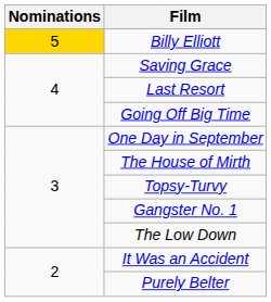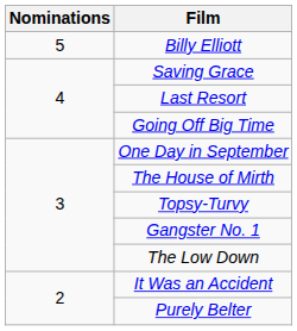 <table class="wikitable plainrowheaders" style="text-align:center;">
 <tr>
 <th scope="col" style="width:55px;">Nominations</th>
 <th scope="col" style="text-align:center;">Film</th>
 </tr>
 <tr>
-<td style="background: gold;">5</td>
+<td>5</td>
 <td><em><a href='#'>Billy Elliott</a></em></td>
 </tr>
 <tr>
 <td rowspan="3">4</td>
 <td><em><a href='#'>Saving Grace</a></em></td>
 </tr>
 <tr>
 <td><em><a href='#'>Last Resort</a></em></td>
 </tr>
 <tr>
 <td><em><a href='#'>Going Off Big Time</a></em></td>
 </tr>
 <tr>
 <td rowspan="5">3</td>
 <td><em><a href='#'>One Day in September</a></em></td>
 </tr>
 <tr>
 <td><em><a href='#'>The House of Mirth</a></em></td>
 </tr>
 <tr>
 <td><em><a href='#'>Topsy-Turvy</a></em></td>
 </tr>
 <tr>
 <td><em><a href='#'>Gangster No. 1</a></em></td>
 </tr>
 <tr>
 <td><em>The Low Down</em></td>
 </tr>
 <tr>
 <td rowspan="2">2</td>
 <td><em><a href='#'>It Was an Accident</a></em></td>
 </tr>
 <tr>
 <td><em><a href='#'>Purely Belter</a></em></td>
 </tr>
 </table>
